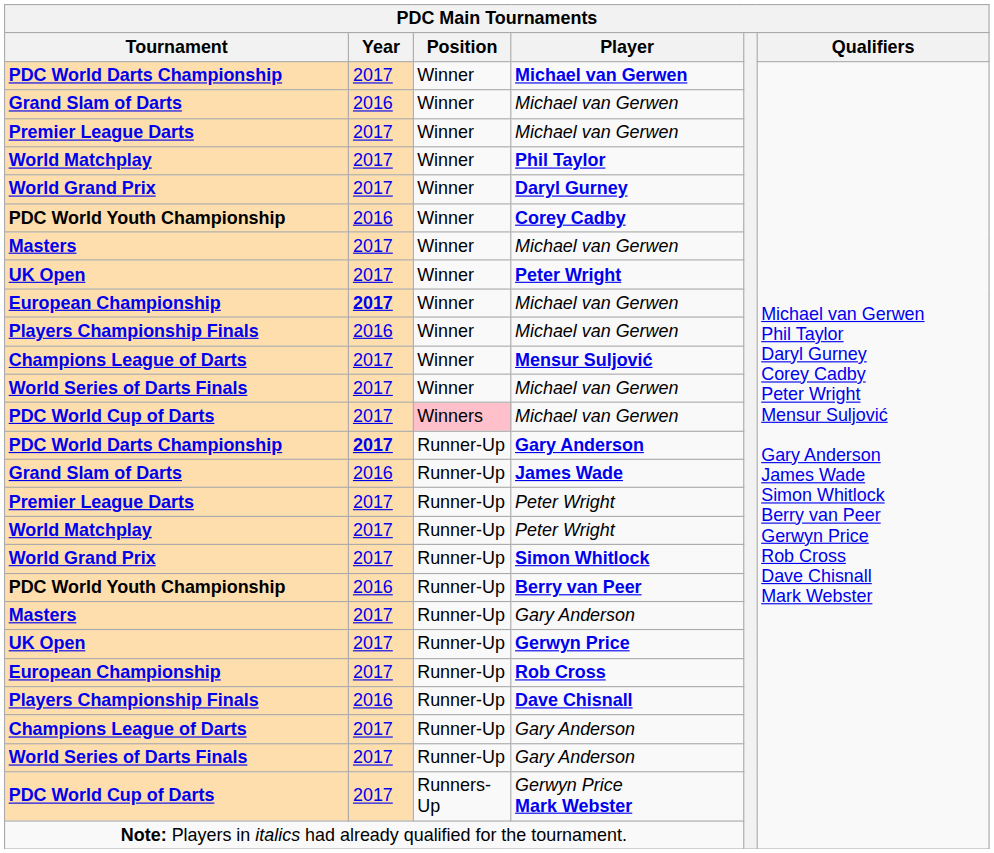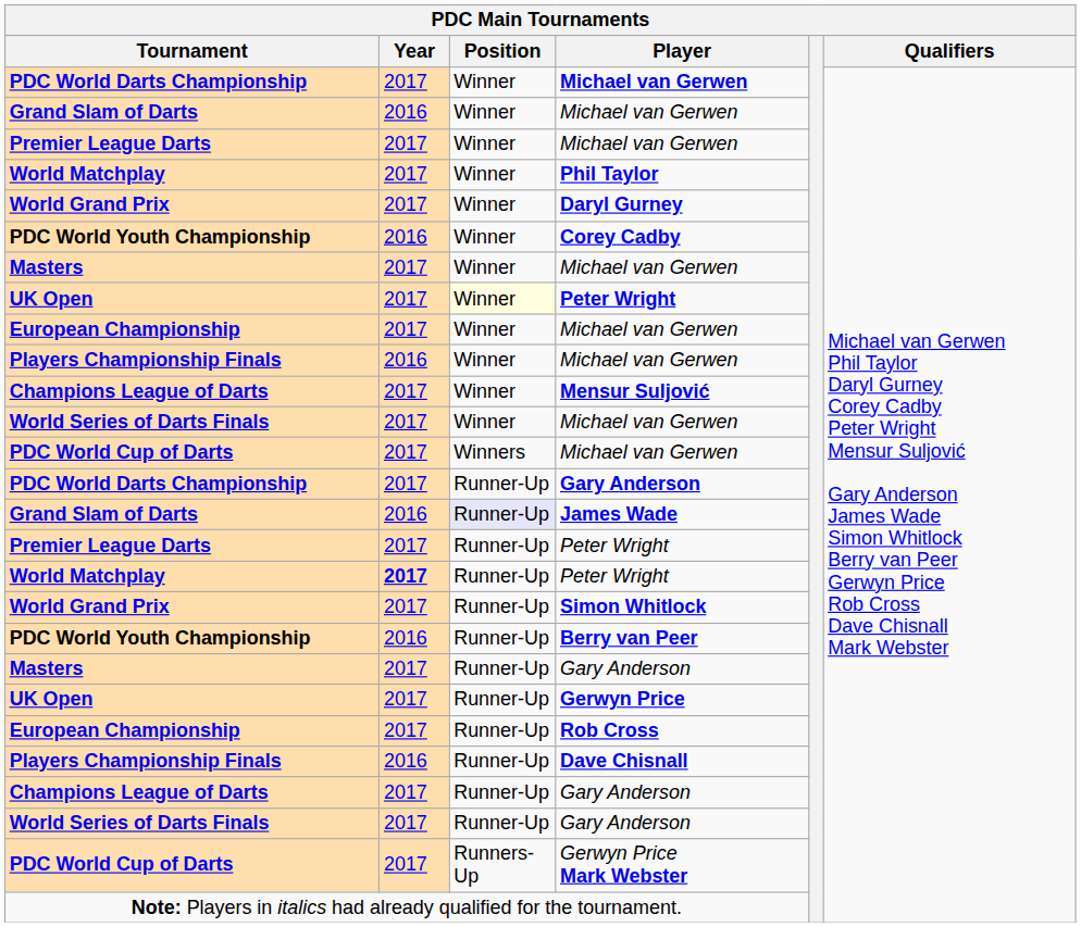 <table class="wikitable">
 <tr>
 <th colspan=6>PDC Main Tournaments</th>
 </tr>
 <tr>
 <th width=300>Tournament</th>
 <th width=50>Year</th>
 <th width=80>Position</th>
 <th width=200>Player</th>
 <th rowspan=28 width=5></th>
 <th width=200>Qualifiers</th>
 </tr>
 <tr>
 <td style="background:#ffdead;"><strong><a href='#'>PDC World Darts Championship</a></strong></td>
 <td style="background:#ffdead;"><a href='#'>2017</a></td>
 <td>Winner</td>
 <td> <strong><a href='#'>Michael van Gerwen</a></strong></td>
 <td rowspan=27> <a href='#'>Michael van Gerwen</a><br> <a href='#'>Phil Taylor</a><br> <a href='#'>Daryl Gurney</a> <br> <a href='#'>Corey Cadby</a><br> <a href='#'>Peter Wright</a><br> <a href='#'>Mensur Suljović</a><br><br> <a href='#'>Gary Anderson</a><br> <a href='#'>James Wade</a><br> <a href='#'>Simon Whitlock</a> <br> <a href='#'>Berry van Peer</a><br> <a href='#'>Gerwyn Price</a><br> <a href='#'>Rob Cross</a><br> <a href='#'>Dave Chisnall</a><br> <a href='#'>Mark Webster</a></td>
 </tr>
 <tr>
 <td style="background:#ffdead;"><strong><a href='#'>Grand Slam of Darts</a></strong></td>
 <td style="background:#ffdead;"><a href='#'>2016</a></td>
 <td>Winner</td>
 <td> <em>Michael van Gerwen</em></td>
 </tr>
 <tr>
 <td style="background:#ffdead;"><strong><a href='#'>Premier League Darts</a></strong></td>
 <td style="background:#ffdead;"><a href='#'>2017</a></td>
 <td>Winner</td>
 <td> <em>Michael van Gerwen</em></td>
 </tr>
 <tr>
 <td style="background:#ffdead;"><strong><a href='#'>World Matchplay</a></strong></td>
 <td style="background:#ffdead;"><a href='#'>2017</a></td>
 <td>Winner</td>
 <td> <strong><a href='#'>Phil Taylor</a></strong></td>
 </tr>
 <tr>
 <td style="background:#ffdead;"><strong><a href='#'>World Grand Prix</a></strong></td>
 <td style="background:#ffdead;"><a href='#'>2017</a></td>
 <td>Winner</td>
 <td> <strong><a href='#'>Daryl Gurney</a></strong></td>
 </tr>
 <tr>
 <td style="background:#ffdead;"><strong>PDC World Youth Championship</strong></td>
 <td style="background:#ffdead;"><a href='#'>2016</a></td>
 <td>Winner</td>
 <td> <strong><a href='#'>Corey Cadby</a></strong></td>
 </tr>
 <tr>
 <td style="background:#ffdead;"><strong><a href='#'>Masters</a></strong></td>
 <td style="background:#ffdead;"><a href='#'>2017</a></td>
 <td>Winner</td>
 <td> <em>Michael van Gerwen</em></td>
 </tr>
 <tr>
 <td style="background:#ffdead;"><strong><a href='#'>UK Open</a></strong></td>
 <td style="background:#ffdead;"><a href='#'>2017</a></td>
-<td>Winner</td>
+<td style="background: lightyellow;">Winner</td>
 <td> <strong><a href='#'>Peter Wright</a></strong></td>
 </tr>
 <tr>
 <td style="background:#ffdead;"><strong><a href='#'>European Championship</a></strong></td>
-<td style="background:#ffdead;"><strong><a href='#'>2017</a></strong></td>
+<td style="background:#ffdead;"><a href='#'>2017</a></td>
 <td>Winner</td>
 <td> <em>Michael van Gerwen</em></td>
 </tr>
 <tr>
 <td style="background:#ffdead;"><strong><a href='#'>Players Championship Finals</a></strong></td>
 <td style="background:#ffdead;"><a href='#'>2016</a></td>
 <td>Winner</td>
 <td> <em>Michael van Gerwen</em></td>
 </tr>
 <tr>
 <td style="background:#ffdead;"><strong><a href='#'>Champions League of Darts</a></strong></td>
 <td style="background:#ffdead;"><a href='#'>2017</a></td>
 <td>Winner</td>
 <td> <strong><a href='#'>Mensur Suljović</a></strong></td>
 </tr>
 <tr>
 <td style="background:#ffdead;"><strong><a href='#'>World Series of Darts Finals</a></strong></td>
 <td style="background:#ffdead;"><a href='#'>2017</a></td>
 <td>Winner</td>
 <td> <em>Michael van Gerwen</em></td>
 </tr>
 <tr>
 <td style="background:#ffdead;"><strong><a href='#'>PDC World Cup of Darts</a></strong></td>
 <td style="background:#ffdead;"><a href='#'>2017</a></td>
-<td style="background: pink;">Winners</td>
+<td>Winners</td>
 <td> <em>Michael van Gerwen</em><br></td>
 </tr>
 <tr>
 <td style="background:#ffdead;"><strong><a href='#'>PDC World Darts Championship</a></strong></td>
-<td style="background:#ffdead;"><strong><a href='#'>2017</a></strong></td>
+<td style="background:#ffdead;"><a href='#'>2017</a></td>
 <td>Runner-Up</td>
 <td> <strong><a href='#'>Gary Anderson</a></strong></td>
 </tr>
 <tr>
 <td style="background:#ffdead;"><strong><a href='#'>Grand Slam of Darts</a></strong></td>
 <td style="background:#ffdead;"><a href='#'>2016</a></td>
-<td>Runner-Up</td>
+<td style="background: lavender;">Runner-Up</td>
 <td> <strong><a href='#'>James Wade</a></strong></td>
 </tr>
 <tr>
 <td style="background:#ffdead;"><strong><a href='#'>Premier League Darts</a></strong></td>
 <td style="background:#ffdead;"><a href='#'>2017</a></td>
 <td>Runner-Up</td>
 <td> <em>Peter Wright</em></td>
 </tr>
 <tr>
 <td style="background:#ffdead;"><strong><a href='#'>World Matchplay</a></strong></td>
-<td style="background:#ffdead;"><a href='#'>2017</a></td>
+<td style="background:#ffdead;"><strong><a href='#'>2017</a></strong></td>
 <td>Runner-Up</td>
 <td> <em>Peter Wright</em></td>
 </tr>
 <tr>
 <td style="background:#ffdead;"><strong><a href='#'>World Grand Prix</a></strong></td>
 <td style="background:#ffdead;"><a href='#'>2017</a></td>
 <td>Runner-Up</td>
 <td> <strong><a href='#'>Simon Whitlock</a></strong></td>
 </tr>
 <tr>
 <td style="background:#ffdead;"><strong>PDC World Youth Championship</strong></td>
 <td style="background:#ffdead;"><a href='#'>2016</a></td>
 <td>Runner-Up</td>
 <td> <strong><a href='#'>Berry van Peer</a></strong></td>
 </tr>
 <tr>
 <td style="background:#ffdead;"><strong><a href='#'>Masters</a></strong></td>
 <td style="background:#ffdead;"><a href='#'>2017</a></td>
 <td>Runner-Up</td>
 <td> <em>Gary Anderson</em></td>
 </tr>
 <tr>
 <td style="background:#ffdead;"><strong><a href='#'>UK Open</a></strong></td>
 <td style="background:#ffdead;"><a href='#'>2017</a></td>
 <td>Runner-Up</td>
 <td> <strong><a href='#'>Gerwyn Price</a></strong></td>
 </tr>
 <tr>
 <td style="background:#ffdead;"><strong><a href='#'>European Championship</a></strong></td>
 <td style="background:#ffdead;"><a href='#'>2017</a></td>
 <td>Runner-Up</td>
 <td> <strong><a href='#'>Rob Cross</a></strong></td>
 </tr>
 <tr>
 <td style="background:#ffdead;"><strong><a href='#'>Players Championship Finals</a></strong></td>
 <td style="background:#ffdead;"><a href='#'>2016</a></td>
 <td>Runner-Up</td>
 <td> <strong><a href='#'>Dave Chisnall</a></strong></td>
 </tr>
 <tr>
 <td style="background:#ffdead;"><strong><a href='#'>Champions League of Darts</a></strong></td>
 <td style="background:#ffdead;"><a href='#'>2017</a></td>
 <td>Runner-Up</td>
 <td> <em>Gary Anderson</em></td>
 </tr>
 <tr>
 <td style="background:#ffdead;"><strong><a href='#'>World Series of Darts Finals</a></strong></td>
 <td style="background:#ffdead;"><a href='#'>2017</a></td>
 <td>Runner-Up</td>
 <td> <em>Gary Anderson</em></td>
 </tr>
 <tr>
 <td style="background:#ffdead;"><strong><a href='#'>PDC World Cup of Darts</a></strong></td>
 <td style="background:#ffdead;"><a href='#'>2017</a></td>
 <td>Runners-Up</td>
 <td> <em>Gerwyn Price</em><br> <strong><a href='#'>Mark Webster</a></strong></td>
 </tr>
 <tr>
 <td colspan=4 align=center><strong>Note:</strong> Players in <em>italics</em> had already qualified for the tournament.</td>
 </tr>
 </table>
